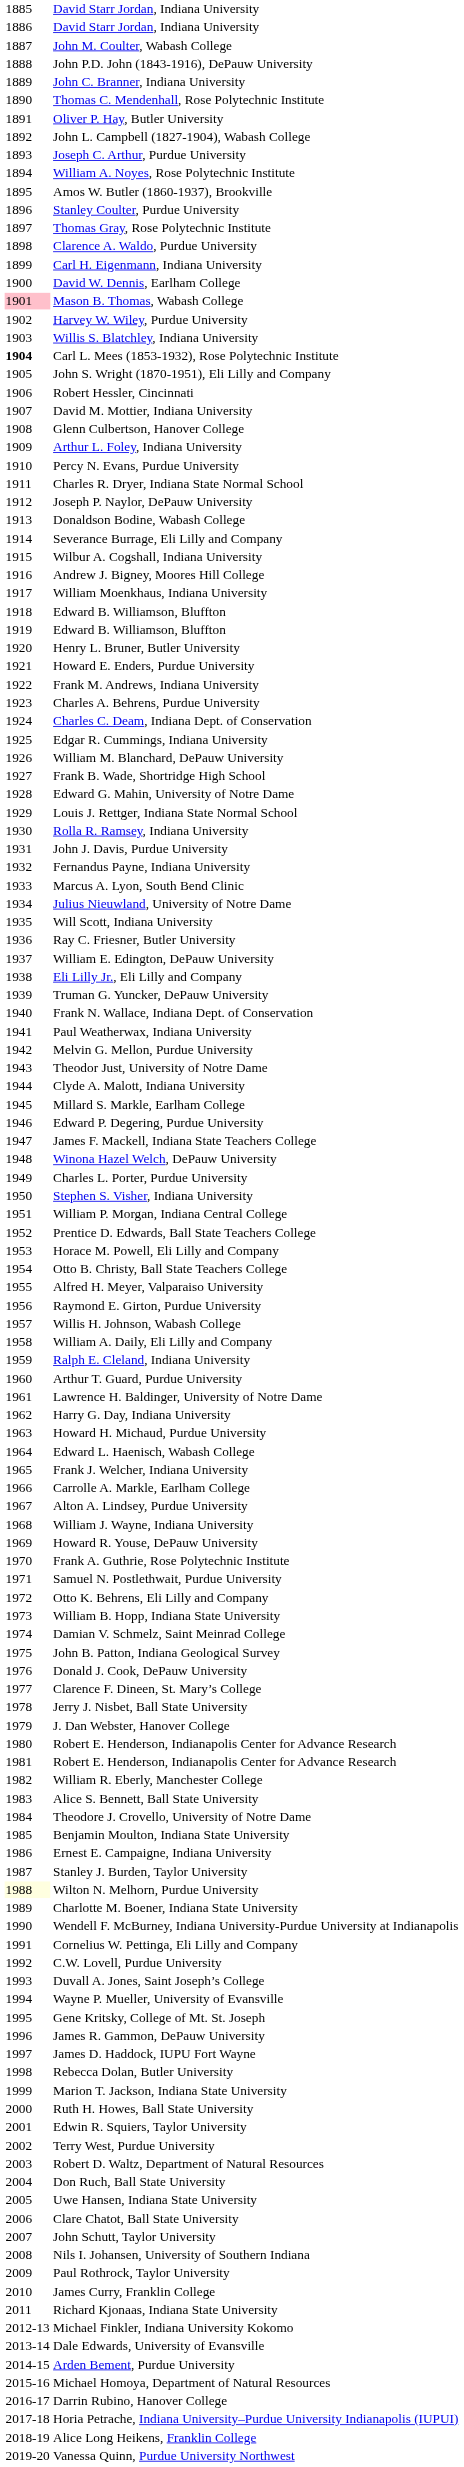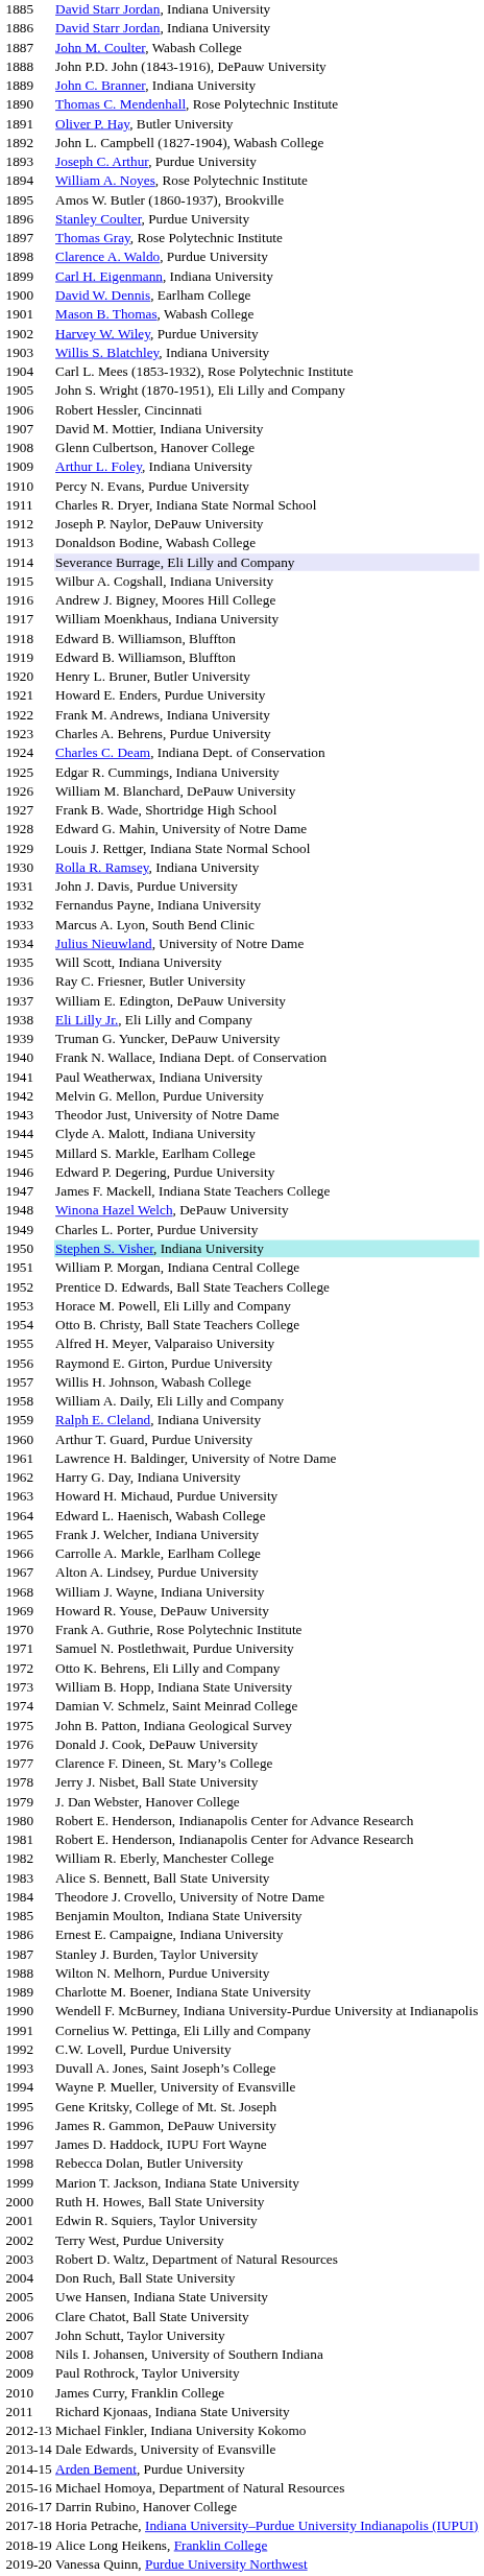 <table>
 <tr>
 <td>1885</td>
 <td><a href='#'>David Starr Jordan</a>, Indiana University</td>
 </tr>
 <tr>
 <td>1886</td>
 <td><a href='#'>David Starr Jordan</a>, Indiana University</td>
 </tr>
 <tr>
 <td>1887</td>
 <td><a href='#'>John M. Coulter</a>, Wabash College</td>
 </tr>
 <tr>
 <td>1888</td>
 <td>John P.D. John (1843-1916), DePauw University</td>
 </tr>
 <tr>
 <td>1889</td>
 <td><a href='#'>John C. Branner</a>, Indiana University</td>
 </tr>
 <tr>
 <td>1890</td>
 <td><a href='#'>Thomas C. Mendenhall</a>, Rose Polytechnic Institute</td>
 </tr>
 <tr>
 <td>1891</td>
 <td><a href='#'>Oliver P. Hay</a>, Butler University</td>
 </tr>
 <tr>
 <td>1892</td>
 <td>John L. Campbell (1827-1904), Wabash College</td>
 </tr>
 <tr>
 <td>1893</td>
 <td><a href='#'>Joseph C. Arthur</a>, Purdue University</td>
 </tr>
 <tr>
 <td>1894</td>
 <td><a href='#'>William A. Noyes</a>, Rose Polytechnic Institute</td>
 </tr>
 <tr>
 <td>1895</td>
 <td>Amos W. Butler (1860-1937), Brookville</td>
 </tr>
 <tr>
 <td>1896</td>
 <td><a href='#'>Stanley Coulter</a>, Purdue University</td>
 </tr>
 <tr>
 <td>1897</td>
 <td><a href='#'>Thomas Gray</a>, Rose Polytechnic Institute</td>
 </tr>
 <tr>
 <td>1898</td>
 <td><a href='#'>Clarence A. Waldo</a>, Purdue University</td>
 </tr>
 <tr>
 <td>1899</td>
 <td><a href='#'>Carl H. Eigenmann</a>, Indiana University</td>
 </tr>
 <tr>
 <td>1900</td>
 <td><a href='#'>David W. Dennis</a>, Earlham College</td>
 </tr>
 <tr>
-<td style="background: pink;">1901</td>
+<td>1901</td>
 <td><a href='#'>Mason B. Thomas</a>, Wabash College</td>
 </tr>
 <tr>
 <td>1902</td>
 <td><a href='#'>Harvey W. Wiley</a>, Purdue University</td>
 </tr>
 <tr>
 <td>1903</td>
 <td><a href='#'>Willis S. Blatchley</a>, Indiana University</td>
 </tr>
 <tr>
-<td><strong>1904</strong></td>
+<td>1904</td>
 <td>Carl L. Mees (1853-1932), Rose Polytechnic Institute</td>
 </tr>
 <tr>
 <td>1905</td>
 <td>John S. Wright (1870-1951), Eli Lilly and Company</td>
 </tr>
 <tr>
 <td>1906</td>
 <td>Robert Hessler, Cincinnati</td>
 </tr>
 <tr>
 <td>1907</td>
 <td>David M. Mottier, Indiana University</td>
 </tr>
 <tr>
 <td>1908</td>
 <td>Glenn Culbertson, Hanover College</td>
 </tr>
 <tr>
 <td>1909</td>
 <td><a href='#'>Arthur L. Foley</a>, Indiana University</td>
 </tr>
 <tr>
 <td>1910</td>
 <td>Percy N. Evans, Purdue University</td>
 </tr>
 <tr>
 <td>1911</td>
 <td>Charles R. Dryer, Indiana State Normal School</td>
 </tr>
 <tr>
 <td>1912</td>
 <td>Joseph P. Naylor, DePauw University</td>
 </tr>
 <tr>
 <td>1913</td>
 <td>Donaldson Bodine, Wabash College</td>
 </tr>
 <tr>
 <td>1914</td>
-<td>Severance Burrage, Eli Lilly and Company</td>
+<td style="background: lavender;">Severance Burrage, Eli Lilly and Company</td>
 </tr>
 <tr>
 <td>1915</td>
 <td>Wilbur A. Cogshall, Indiana University</td>
 </tr>
 <tr>
 <td>1916</td>
 <td>Andrew J. Bigney, Moores Hill College</td>
 </tr>
 <tr>
 <td>1917</td>
 <td>William Moenkhaus, Indiana University</td>
 </tr>
 <tr>
 <td>1918</td>
 <td>Edward B. Williamson, Bluffton</td>
 </tr>
 <tr>
 <td>1919</td>
 <td>Edward B. Williamson, Bluffton</td>
 </tr>
 <tr>
 <td>1920</td>
 <td>Henry L. Bruner, Butler University</td>
 </tr>
 <tr>
 <td>1921</td>
 <td>Howard E. Enders, Purdue University</td>
 </tr>
 <tr>
 <td>1922</td>
 <td>Frank M. Andrews, Indiana University</td>
 </tr>
 <tr>
 <td>1923</td>
 <td>Charles A. Behrens, Purdue University</td>
 </tr>
 <tr>
 <td>1924</td>
 <td><a href='#'>Charles C. Deam</a>, Indiana Dept. of Conservation</td>
 </tr>
 <tr>
 <td>1925</td>
 <td>Edgar R. Cummings, Indiana University</td>
 </tr>
 <tr>
 <td>1926</td>
 <td>William M. Blanchard, DePauw University</td>
 </tr>
 <tr>
 <td>1927</td>
 <td>Frank B. Wade, Shortridge High School</td>
 </tr>
 <tr>
 <td>1928</td>
 <td>Edward G. Mahin, University of Notre Dame</td>
 </tr>
 <tr>
 <td>1929</td>
 <td>Louis J. Rettger, Indiana State Normal School</td>
 </tr>
 <tr>
 <td>1930</td>
 <td><a href='#'>Rolla R. Ramsey</a>, Indiana University</td>
 </tr>
 <tr>
 <td>1931</td>
 <td>John J. Davis, Purdue University</td>
 </tr>
 <tr>
 <td>1932</td>
 <td>Fernandus Payne, Indiana University</td>
 </tr>
 <tr>
 <td>1933</td>
 <td>Marcus A. Lyon, South Bend Clinic</td>
 </tr>
 <tr>
 <td>1934</td>
 <td><a href='#'>Julius Nieuwland</a>, University of Notre Dame</td>
 </tr>
 <tr>
 <td>1935</td>
 <td>Will Scott, Indiana University</td>
 </tr>
 <tr>
 <td>1936</td>
 <td>Ray C. Friesner, Butler University</td>
 </tr>
 <tr>
 <td>1937</td>
 <td>William E. Edington, DePauw University</td>
 </tr>
 <tr>
 <td>1938</td>
 <td><a href='#'>Eli Lilly Jr.</a>, Eli Lilly and Company</td>
 </tr>
 <tr>
 <td>1939</td>
 <td>Truman G. Yuncker, DePauw University</td>
 </tr>
 <tr>
 <td>1940</td>
 <td>Frank N. Wallace, Indiana Dept. of Conservation</td>
 </tr>
 <tr>
 <td>1941</td>
 <td>Paul Weatherwax, Indiana University</td>
 </tr>
 <tr>
 <td>1942</td>
 <td>Melvin G. Mellon, Purdue University</td>
 </tr>
 <tr>
 <td>1943</td>
 <td>Theodor Just, University of Notre Dame</td>
 </tr>
 <tr>
 <td>1944</td>
 <td>Clyde A. Malott, Indiana University</td>
 </tr>
 <tr>
 <td>1945</td>
 <td>Millard S. Markle, Earlham College</td>
 </tr>
 <tr>
 <td>1946</td>
 <td>Edward P. Degering, Purdue University</td>
 </tr>
 <tr>
 <td>1947</td>
 <td>James F. Mackell, Indiana State Teachers College</td>
 </tr>
 <tr>
 <td>1948</td>
 <td><a href='#'>Winona Hazel Welch</a>, DePauw University</td>
 </tr>
 <tr>
 <td>1949</td>
 <td>Charles L. Porter, Purdue University</td>
 </tr>
 <tr>
 <td>1950</td>
-<td><a href='#'>Stephen S. Visher</a>, Indiana University</td>
+<td style="background: paleturquoise;"><a href='#'>Stephen S. Visher</a>, Indiana University</td>
 </tr>
 <tr>
 <td>1951</td>
 <td>William P. Morgan, Indiana Central College</td>
 </tr>
 <tr>
 <td>1952</td>
 <td>Prentice D. Edwards, Ball State Teachers College</td>
 </tr>
 <tr>
 <td>1953</td>
 <td>Horace M. Powell, Eli Lilly and Company</td>
 </tr>
 <tr>
 <td>1954</td>
 <td>Otto B. Christy, Ball State Teachers College</td>
 </tr>
 <tr>
 <td>1955</td>
 <td>Alfred H. Meyer, Valparaiso University</td>
 </tr>
 <tr>
 <td>1956</td>
 <td>Raymond E. Girton, Purdue University</td>
 </tr>
 <tr>
 <td>1957</td>
 <td>Willis H. Johnson, Wabash College</td>
 </tr>
 <tr>
 <td>1958</td>
 <td>William A. Daily, Eli Lilly and Company</td>
 </tr>
 <tr>
 <td>1959</td>
 <td><a href='#'>Ralph E. Cleland</a>, Indiana University</td>
 </tr>
 <tr>
 <td>1960</td>
 <td>Arthur T. Guard, Purdue University</td>
 </tr>
 <tr>
 <td>1961</td>
 <td>Lawrence H. Baldinger, University of Notre Dame</td>
 </tr>
 <tr>
 <td>1962</td>
 <td>Harry G. Day, Indiana University</td>
 </tr>
 <tr>
 <td>1963</td>
 <td>Howard H. Michaud, Purdue University</td>
 </tr>
 <tr>
 <td>1964</td>
 <td>Edward L. Haenisch, Wabash College</td>
 </tr>
 <tr>
 <td>1965</td>
 <td>Frank J. Welcher, Indiana University</td>
 </tr>
 <tr>
 <td>1966</td>
 <td>Carrolle A. Markle, Earlham College</td>
 </tr>
 <tr>
 <td>1967</td>
 <td>Alton A. Lindsey, Purdue University</td>
 </tr>
 <tr>
 <td>1968</td>
 <td>William J. Wayne, Indiana University</td>
 </tr>
 <tr>
 <td>1969</td>
 <td>Howard R. Youse, DePauw University</td>
 </tr>
 <tr>
 <td>1970</td>
 <td>Frank A. Guthrie, Rose Polytechnic Institute</td>
 </tr>
 <tr>
 <td>1971</td>
 <td>Samuel N. Postlethwait, Purdue University</td>
 </tr>
 <tr>
 <td>1972</td>
 <td>Otto K. Behrens, Eli Lilly and Company</td>
 </tr>
 <tr>
 <td>1973</td>
 <td>William B. Hopp, Indiana State University</td>
 </tr>
 <tr>
 <td>1974</td>
 <td>Damian V. Schmelz, Saint Meinrad College</td>
 </tr>
 <tr>
 <td>1975</td>
 <td>John B. Patton, Indiana Geological Survey</td>
 </tr>
 <tr>
 <td>1976</td>
 <td>Donald J. Cook, DePauw University</td>
 </tr>
 <tr>
 <td>1977</td>
 <td>Clarence F. Dineen, St. Mary’s College</td>
 </tr>
 <tr>
 <td>1978</td>
 <td>Jerry J. Nisbet, Ball State University</td>
 </tr>
 <tr>
 <td>1979</td>
 <td>J. Dan Webster, Hanover College</td>
 </tr>
 <tr>
 <td>1980</td>
 <td>Robert E. Henderson, Indianapolis Center for Advance Research</td>
 </tr>
 <tr>
 <td>1981</td>
 <td>Robert E. Henderson, Indianapolis Center for Advance Research</td>
 </tr>
 <tr>
 <td>1982</td>
 <td>William R. Eberly, Manchester College</td>
 </tr>
 <tr>
 <td>1983</td>
 <td>Alice S. Bennett, Ball State University</td>
 </tr>
 <tr>
 <td>1984</td>
 <td>Theodore J. Crovello, University of Notre Dame</td>
 </tr>
 <tr>
 <td>1985</td>
 <td>Benjamin Moulton, Indiana State University</td>
 </tr>
 <tr>
 <td>1986</td>
 <td>Ernest E. Campaigne, Indiana University</td>
 </tr>
 <tr>
 <td>1987</td>
 <td>Stanley J. Burden, Taylor University</td>
 </tr>
 <tr>
-<td style="background: lightyellow;">1988</td>
+<td>1988</td>
 <td>Wilton N. Melhorn, Purdue University</td>
 </tr>
 <tr>
 <td>1989</td>
 <td>Charlotte M. Boener, Indiana State University</td>
 </tr>
 <tr>
 <td>1990</td>
 <td>Wendell F. McBurney, Indiana University-Purdue University at Indianapolis</td>
 </tr>
 <tr>
 <td>1991</td>
 <td>Cornelius W. Pettinga, Eli Lilly and Company</td>
 </tr>
 <tr>
 <td>1992</td>
 <td>C.W. Lovell, Purdue University</td>
 </tr>
 <tr>
 <td>1993</td>
 <td>Duvall A. Jones, Saint Joseph’s College</td>
 </tr>
 <tr>
 <td>1994</td>
 <td>Wayne P. Mueller, University of Evansville</td>
 </tr>
 <tr>
 <td>1995</td>
 <td>Gene Kritsky, College of Mt. St. Joseph</td>
 </tr>
 <tr>
 <td>1996</td>
 <td>James R. Gammon, DePauw University</td>
 </tr>
 <tr>
 <td>1997</td>
 <td>James D. Haddock, IUPU Fort Wayne</td>
 </tr>
 <tr>
 <td>1998</td>
 <td>Rebecca Dolan, Butler University</td>
 </tr>
 <tr>
 <td>1999</td>
 <td>Marion T. Jackson, Indiana State University</td>
 </tr>
 <tr>
 <td>2000</td>
 <td>Ruth H. Howes, Ball State University</td>
 </tr>
 <tr>
 <td>2001</td>
 <td>Edwin R. Squiers, Taylor University</td>
 </tr>
 <tr>
 <td>2002</td>
 <td>Terry West, Purdue University</td>
 </tr>
 <tr>
 <td>2003</td>
 <td>Robert D. Waltz, Department of Natural Resources</td>
 </tr>
 <tr>
 <td>2004</td>
 <td>Don Ruch, Ball State University</td>
 </tr>
 <tr>
 <td>2005</td>
 <td>Uwe Hansen, Indiana State University</td>
 </tr>
 <tr>
 <td>2006</td>
 <td>Clare Chatot, Ball State University</td>
 </tr>
 <tr>
 <td>2007</td>
 <td>John Schutt, Taylor University</td>
 </tr>
 <tr>
 <td>2008</td>
 <td>Nils I. Johansen, University of Southern Indiana</td>
 </tr>
 <tr>
 <td>2009</td>
 <td>Paul Rothrock, Taylor University</td>
 </tr>
 <tr>
 <td>2010</td>
 <td>James Curry, Franklin College</td>
 </tr>
 <tr>
 <td>2011</td>
 <td>Richard Kjonaas, Indiana State University</td>
 </tr>
 <tr>
 <td>2012-13</td>
 <td>Michael Finkler, Indiana University Kokomo</td>
 </tr>
 <tr>
 <td>2013-14</td>
 <td>Dale Edwards, University of Evansville</td>
 </tr>
 <tr>
 <td>2014-15</td>
 <td><a href='#'>Arden Bement</a>, Purdue University</td>
 </tr>
 <tr>
 <td>2015-16</td>
 <td>Michael Homoya, Department of Natural Resources</td>
 </tr>
 <tr>
 <td>2016-17</td>
 <td>Darrin Rubino, Hanover College</td>
 </tr>
 <tr>
 <td>2017-18</td>
 <td>Horia Petrache, <a href='#'>Indiana University–Purdue University Indianapolis (IUPUI)</a></td>
 </tr>
 <tr>
 <td>2018-19</td>
 <td>Alice Long Heikens, <a href='#'>Franklin College</a></td>
 </tr>
 <tr>
 <td>2019-20</td>
 <td>Vanessa Quinn, <a href='#'>Purdue University Northwest</a></td>
 </tr>
 </table>
